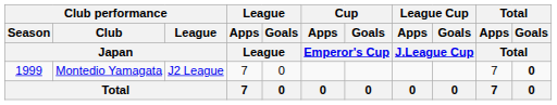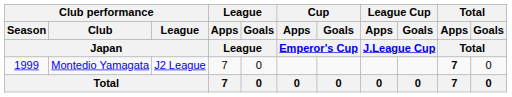 <table class="wikitable" style="text-align:center;">
 <tr>
 <th colspan=3>Club performance</th>
 <th colspan=2>League</th>
 <th colspan=2>Cup</th>
 <th colspan=2>League Cup</th>
 <th colspan=2>Total</th>
 </tr>
 <tr>
 <th>Season</th>
 <th>Club</th>
 <th>League</th>
 <th>Apps</th>
 <th>Goals</th>
 <th>Apps</th>
 <th>Goals</th>
 <th>Apps</th>
 <th>Goals</th>
 <th>Apps</th>
 <th>Goals</th>
 </tr>
 <tr>
 <th colspan=3>Japan</th>
 <th colspan=2>League</th>
 <th colspan=2><a href='#'>Emperor's Cup</a></th>
 <th colspan=2><a href='#'>J.League Cup</a></th>
 <th colspan=2>Total</th>
 </tr>
 <tr>
 <td><a href='#'>1999</a></td>
 <td><a href='#'>Montedio Yamagata</a></td>
 <td><a href='#'>J2 League</a></td>
 <td>7</td>
 <td>0</td>
 <td></td>
 <td></td>
 <td></td>
 <td></td>
-<td>7</td>
-<td><strong>0</strong></td>
+<td><strong>7</strong></td>
+<td>0</td>
 </tr>
 <tr>
 <th colspan=3>Total</th>
 <th>7</th>
 <th>0</th>
 <th>0</th>
 <th>0</th>
 <th>0</th>
 <th>0</th>
 <th>7</th>
 <th>0</th>
 </tr>
 </table>
